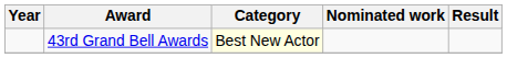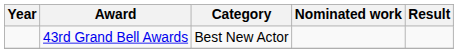 <table class="wikitable">
 <tr>
 <th>Year</th>
 <th>Award</th>
 <th>Category</th>
 <th>Nominated work</th>
 <th>Result</th>
 </tr>
 <tr>
 <td></td>
 <td><a href='#'>43rd Grand Bell Awards</a></td>
-<td style="background: lightyellow;">Best New Actor</td>
+<td>Best New Actor</td>
 <td></td>
 <td></td>
 </tr>
 <tr>
 </tr>
 </table>
